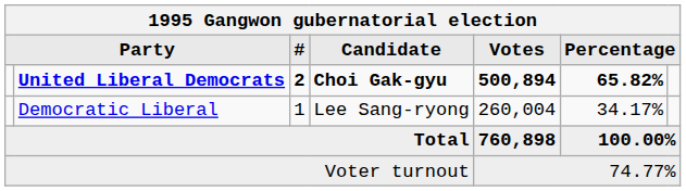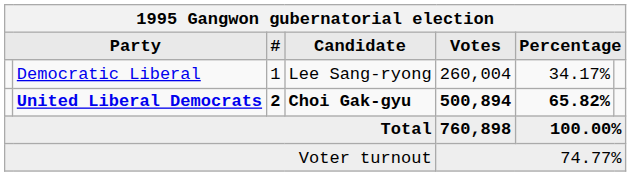 <table class="wikitable">
 <tr>
 <th colspan="7">1995 Gangwon gubernatorial election</th>
 </tr>
 <tr>
 <th style="background-color:#E9E9E9" colspan=2>Party</th>
 <th style="background-color:#E9E9E9">#</th>
 <th style="background-color:#E9E9E9">Candidate</th>
 <th style="background-color:#E9E9E9">Votes</th>
 <th style="background-color:#E9E9E9" colspan=2>Percentage</th>
 </tr>
+<tr>
+<td></td>
+<td align=left><a href='#'>Democratic Liberal</a></td>
+<td align=center>1</td>
+<td align=left>Lee Sang-ryong</td>
+<td align=right>260,004</td>
+<td align=right>34.17%</td>
+<td align=right></td>
+</tr>
 <tr style="font-weight:bold">
 <td></td>
 <td align=left><a href='#'>United Liberal Democrats</a></td>
 <td align=center>2</td>
 <td align=left>Choi Gak-gyu</td>
 <td align=right>500,894</td>
 <td align=right>65.82%</td>
-<td align=right></td>
-</tr>
-<tr>
-<td></td>
-<td align=left><a href='#'>Democratic Liberal</a></td>
-<td align=center>1</td>
-<td align=left>Lee Sang-ryong</td>
-<td align=right>260,004</td>
-<td align=right>34.17%</td>
 <td align=right></td>
 </tr>
 <tr bgcolor="#EEEEEE" style="font-weight:bold">
 <td colspan="4" align=right>Total</td>
 <td align=right>760,898</td>
 <td align=right colspan=2>100.00%</td>
 </tr>
 <tr bgcolor="#EEEEEE">
 <td colspan="4" align="right">Voter turnout</td>
 <td colspan="3" align="right">74.77%</td>
 </tr>
 </table>
